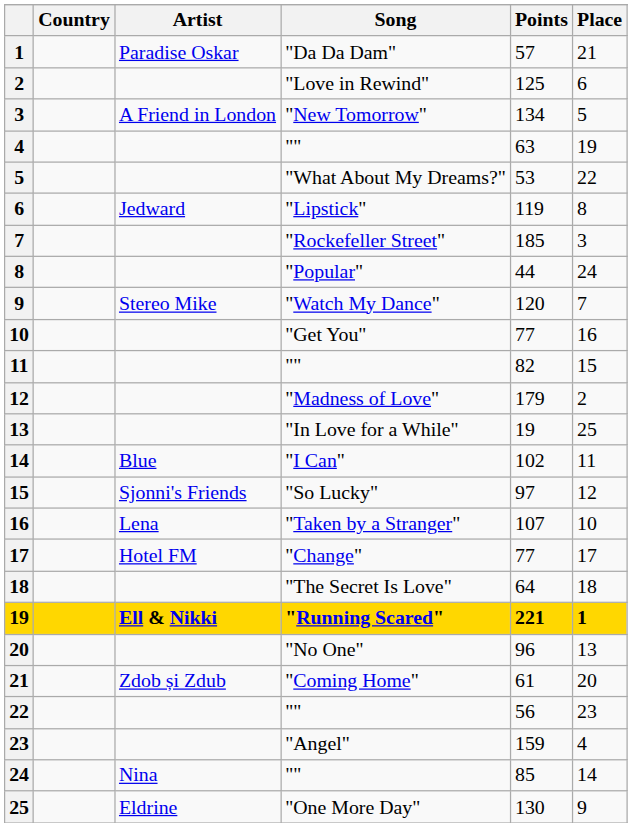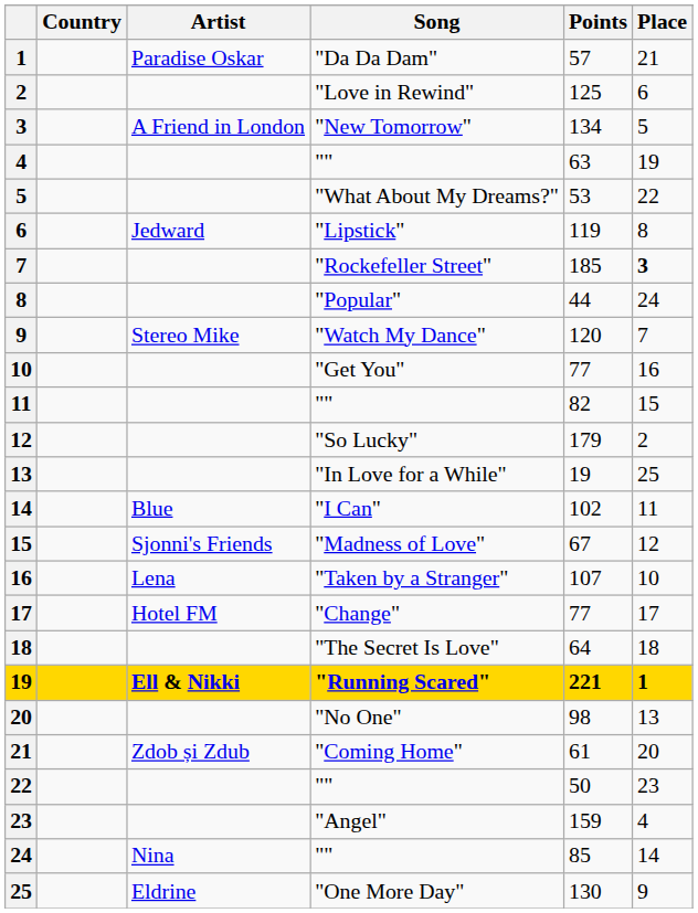 <table class="sortable wikitable plainrowheaders">
 <tr>
 </tr>
 <tr>
 <th scope="col"></th>
 <th scope="col">Country</th>
 <th scope="col">Artist</th>
 <th scope="col">Song</th>
 <th scope="col">Points</th>
 <th scope="col">Place</th>
 </tr>
 <tr>
 <th scope="row" style="text-align:center;">1</th>
 <td></td>
 <td><a href='#'>Paradise Oskar</a></td>
 <td>"Da Da Dam"</td>
 <td>57</td>
 <td>21</td>
 </tr>
 <tr>
 <th scope="row" style="text-align:center;">2</th>
 <td></td>
 <td></td>
 <td>"Love in Rewind"</td>
 <td>125</td>
 <td>6</td>
 </tr>
 <tr>
 <th scope="row" style="text-align:center;">3</th>
 <td></td>
 <td><a href='#'>A Friend in London</a></td>
 <td>"<a href='#'>New Tomorrow</a>"</td>
 <td>134</td>
 <td>5</td>
 </tr>
 <tr>
 <th scope="row" style="text-align:center;">4</th>
 <td></td>
 <td></td>
 <td>""</td>
 <td>63</td>
 <td>19</td>
 </tr>
 <tr>
 <th scope="row" style="text-align:center;">5</th>
 <td></td>
 <td></td>
 <td>"What About My Dreams?"</td>
 <td>53</td>
 <td>22</td>
 </tr>
 <tr>
 <th scope="row" style="text-align:center;">6</th>
 <td></td>
 <td><a href='#'>Jedward</a></td>
 <td>"<a href='#'>Lipstick</a>"</td>
 <td>119</td>
 <td>8</td>
 </tr>
 <tr>
 <th scope="row" style="text-align:center;">7</th>
 <td></td>
 <td></td>
 <td>"<a href='#'>Rockefeller Street</a>"</td>
 <td>185</td>
-<td>3</td>
+<td><strong>3</strong></td>
 </tr>
 <tr>
 <th scope="row" style="text-align:center;">8</th>
 <td></td>
 <td></td>
 <td>"<a href='#'>Popular</a>"</td>
 <td>44</td>
 <td>24</td>
 </tr>
 <tr>
 <th scope="row" style="text-align:center;">9</th>
 <td></td>
 <td>  <a href='#'>Stereo Mike</a></td>
 <td>"<a href='#'>Watch My Dance</a>"</td>
 <td>120</td>
 <td>7</td>
 </tr>
 <tr>
 <th scope="row" style="text-align:center;">10</th>
 <td></td>
 <td></td>
 <td>"Get You"</td>
 <td>77</td>
 <td>16</td>
 </tr>
 <tr>
 <th scope="row" style="text-align:center;">11</th>
 <td></td>
 <td></td>
 <td>""</td>
 <td>82</td>
 <td>15</td>
 </tr>
 <tr>
 <th scope="row" style="text-align:center;">12</th>
 <td></td>
 <td></td>
-<td>"<a href='#'>Madness of Love</a>"</td>
+<td>"So Lucky"</td>
 <td>179</td>
 <td>2</td>
 </tr>
 <tr>
 <th scope="row" style="text-align:center;">13</th>
 <td></td>
 <td></td>
 <td>"In Love for a While"</td>
 <td>19</td>
 <td>25</td>
 </tr>
 <tr>
 <th scope="row" style="text-align:center;">14</th>
 <td></td>
 <td><a href='#'>Blue</a></td>
 <td>"<a href='#'>I Can</a>"</td>
 <td>102</td>
 <td>11</td>
 </tr>
 <tr>
 <th scope="row" style="text-align:center;">15</th>
 <td></td>
 <td><a href='#'>Sjonni's Friends</a></td>
-<td>"So Lucky"</td>
-<td>97</td>
+<td>"<a href='#'>Madness of Love</a>"</td>
+<td>67</td>
 <td>12</td>
 </tr>
 <tr>
 <th scope="row" style="text-align:center;">16</th>
 <td></td>
 <td><a href='#'>Lena</a></td>
 <td>"<a href='#'>Taken by a Stranger</a>"</td>
 <td>107</td>
 <td>10</td>
 </tr>
 <tr>
 <th scope="row" style="text-align:center;">17</th>
 <td></td>
 <td><a href='#'>Hotel FM</a></td>
 <td>"<a href='#'>Change</a>"</td>
 <td>77</td>
 <td>17</td>
 </tr>
 <tr>
 <th scope="row" style="text-align:center;">18</th>
 <td></td>
 <td></td>
 <td>"The Secret Is Love"</td>
 <td>64</td>
 <td>18</td>
 </tr>
 <tr style="font-weight:bold; background:gold;">
 <th scope="row" style="text-align:center; font-weight:bold; background:gold;">19</th>
 <td></td>
 <td><a href='#'>Ell</a> & <a href='#'>Nikki</a></td>
 <td>"<a href='#'>Running Scared</a>"</td>
 <td>221</td>
 <td>1</td>
 </tr>
 <tr>
 <th scope="row" style="text-align:center;">20</th>
 <td></td>
 <td></td>
 <td>"No One"</td>
-<td>96</td>
+<td>98</td>
 <td>13</td>
 </tr>
 <tr>
 <th scope="row" style="text-align:center;">21</th>
 <td></td>
 <td><a href='#'>Zdob și Zdub</a></td>
 <td>"<a href='#'>Coming Home</a>"</td>
 <td>61</td>
 <td>20</td>
 </tr>
 <tr>
 <th scope="row" style="text-align:center;">22</th>
 <td></td>
 <td></td>
 <td>""</td>
-<td>56</td>
+<td>50</td>
 <td>23</td>
 </tr>
 <tr>
 <th scope="row" style="text-align:center;">23</th>
 <td></td>
 <td></td>
 <td>"Angel"</td>
 <td>159</td>
 <td>4</td>
 </tr>
 <tr>
 <th scope="row" style="text-align:center;">24</th>
 <td></td>
 <td><a href='#'>Nina</a></td>
 <td>""</td>
 <td>85</td>
 <td>14</td>
 </tr>
 <tr>
 <th scope="row" style="text-align:center;">25</th>
 <td></td>
 <td><a href='#'>Eldrine</a></td>
 <td>"One More Day"</td>
 <td>130</td>
 <td>9</td>
 </tr>
 </table>
